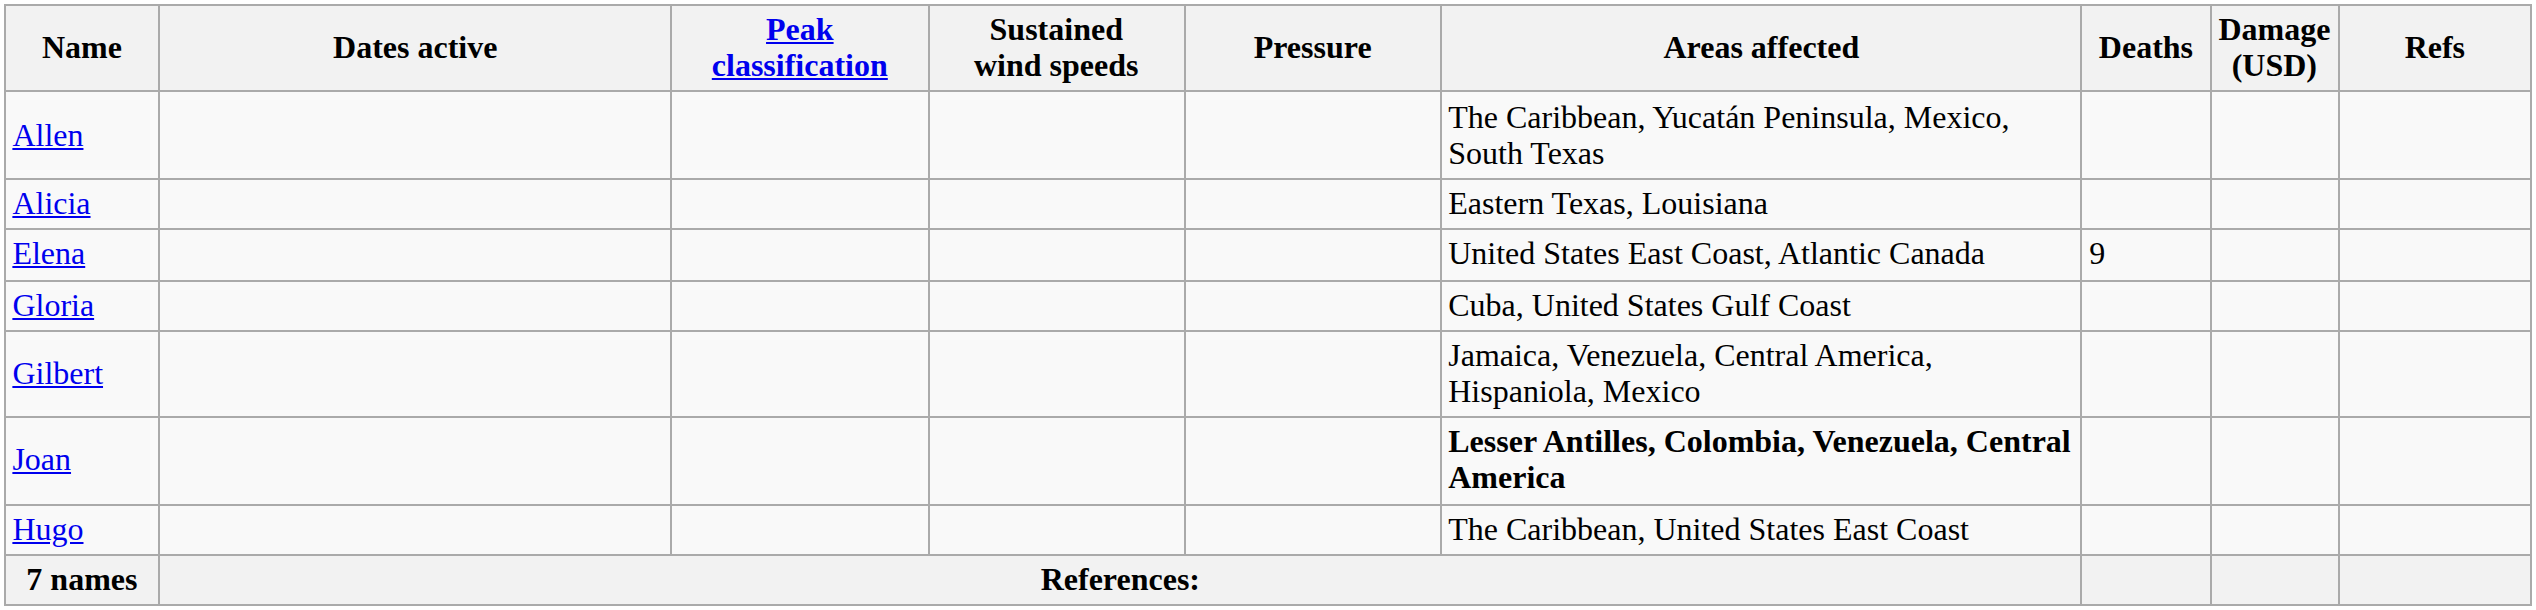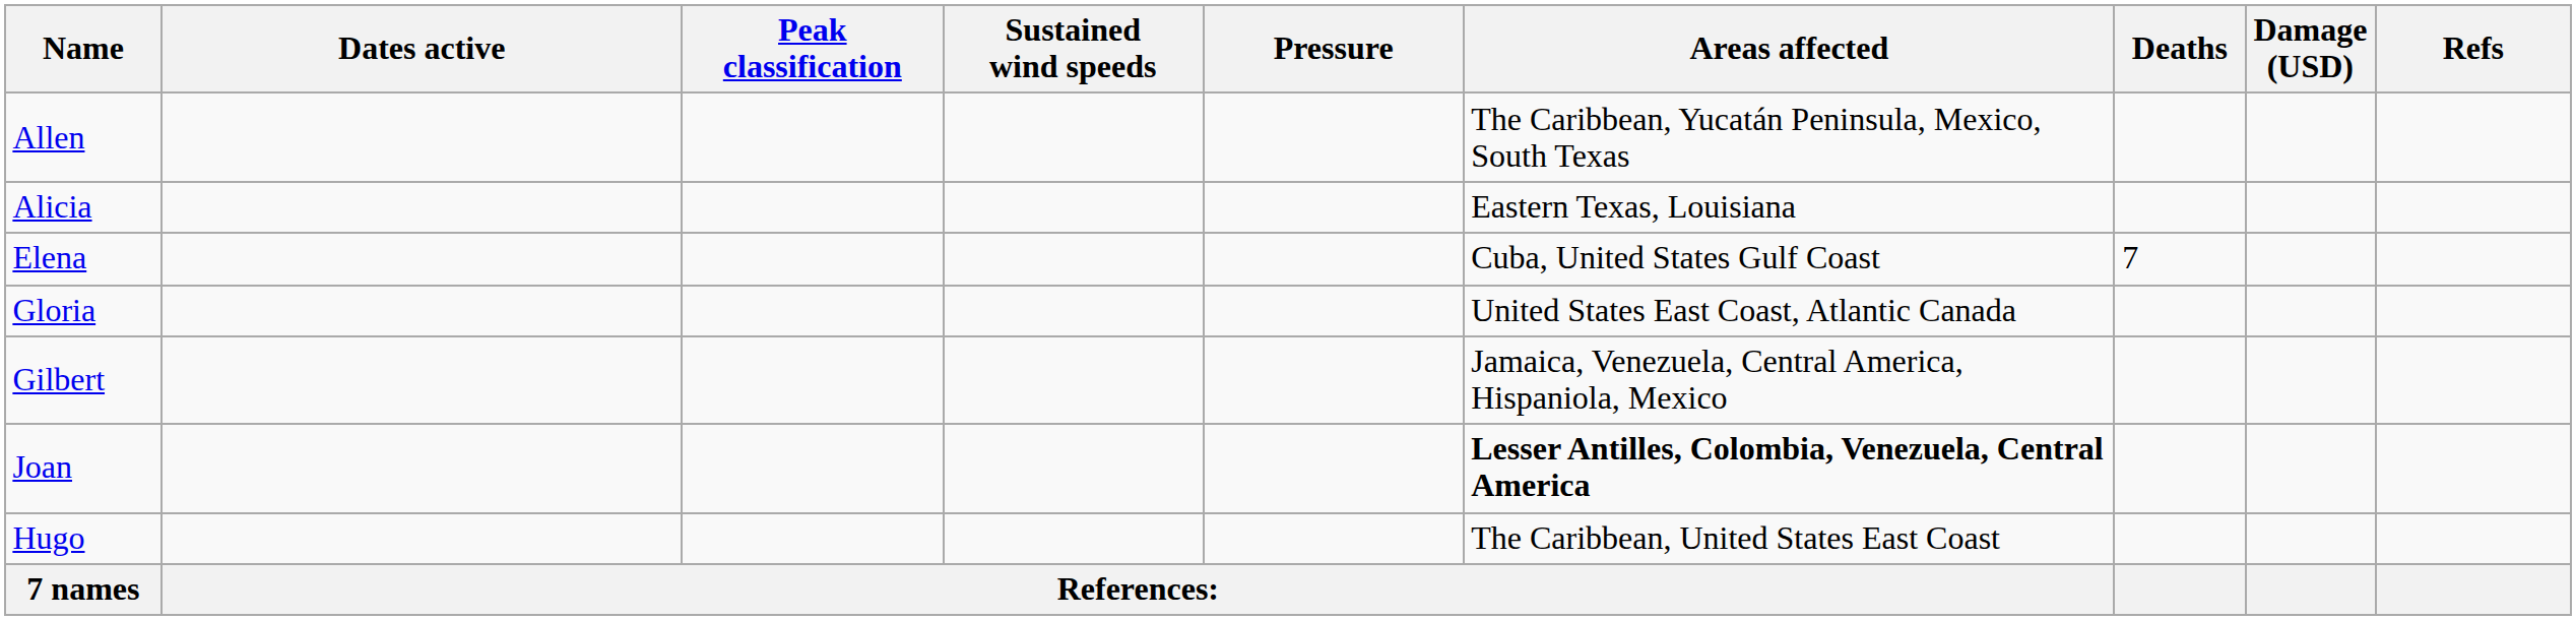 <table class="wikitable sortable" width="100%">
 <tr>
 <th scope="col" width="6%">Name</th>
 <th scope="col" width="20%">Dates active</th>
 <th scope="col" width="10%"><a href='#'>Peak classification</a></th>
 <th scope="col" width="10%">Sustained<br>wind speeds</th>
 <th scope="col" width="10%">Pressure</th>
 <th scope="col" width="25%" class="unsortable">Areas affected</th>
 <th scope="col" width="5%">Deaths</th>
 <th scope="col" width="5%">Damage<br>(USD)</th>
 <th scope="col" width="7.5%" class="unsortable">Refs</th>
 </tr>
 <tr>
 <td><a href='#'>Allen</a></td>
 <td></td>
 <td></td>
 <td></td>
 <td></td>
 <td>The Caribbean, Yucatán Peninsula, Mexico, South Texas</td>
 <td></td>
 <td></td>
 <td></td>
 </tr>
 <tr>
 <td><a href='#'>Alicia</a></td>
 <td></td>
 <td></td>
 <td></td>
 <td></td>
 <td>Eastern Texas, Louisiana</td>
 <td></td>
 <td></td>
 <td></td>
 </tr>
 <tr>
 <td><a href='#'>Elena</a></td>
 <td></td>
 <td></td>
 <td></td>
 <td></td>
-<td>United States East Coast, Atlantic Canada</td>
-<td>9</td>
+<td>Cuba, United States Gulf Coast</td>
+<td>7</td>
 <td></td>
 <td></td>
 </tr>
 <tr>
 <td><a href='#'>Gloria</a></td>
 <td></td>
 <td></td>
 <td></td>
 <td></td>
-<td>Cuba, United States Gulf Coast</td>
+<td>United States East Coast, Atlantic Canada</td>
 <td></td>
 <td></td>
 <td></td>
 </tr>
 <tr>
 <td><a href='#'>Gilbert</a></td>
 <td></td>
 <td></td>
 <td></td>
 <td></td>
 <td>Jamaica, Venezuela, Central America, Hispaniola, Mexico</td>
 <td></td>
 <td></td>
 <td></td>
 </tr>
 <tr>
 <td><a href='#'>Joan</a></td>
 <td></td>
 <td></td>
 <td></td>
 <td></td>
 <td><strong>Lesser Antilles, Colombia, Venezuela, Central America</strong></td>
 <td></td>
 <td></td>
 <td></td>
 </tr>
 <tr>
 <td><a href='#'>Hugo</a></td>
 <td></td>
 <td></td>
 <td></td>
 <td></td>
 <td>The Caribbean, United States East Coast</td>
 <td></td>
 <td></td>
 <td></td>
 </tr>
 <tr class="sortbottom">
 <th>7 names</th>
 <th colspan=5>References:</th>
 <th></th>
 <th></th>
 <th></th>
 </tr>
 </table>
